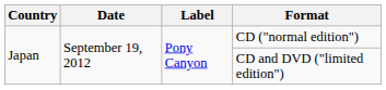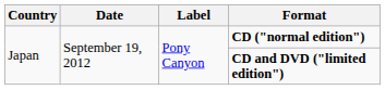 <table class="wikitable" style="width:50%">
 <tr>
 <th>Country</th>
 <th>Date</th>
 <th>Label</th>
 <th>Format</th>
 </tr>
 <tr>
 <td rowspan=2>Japan</td>
 <td rowspan=2>September 19, 2012</td>
 <td rowspan=2><a href='#'>Pony Canyon</a></td>
-<td>CD ("normal edition")</td>
+<td><strong>CD ("normal edition")</strong></td>
 </tr>
 <tr>
-<td>CD and DVD ("limited edition")</td>
+<td><strong>CD and DVD ("limited edition")</strong></td>
 </tr>
 </table>
